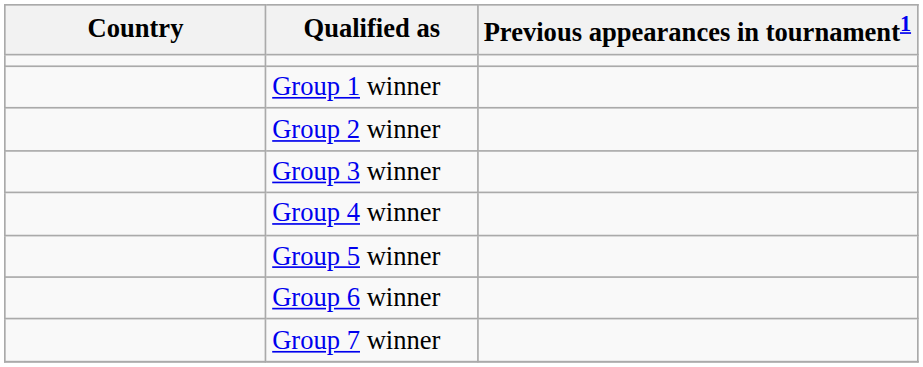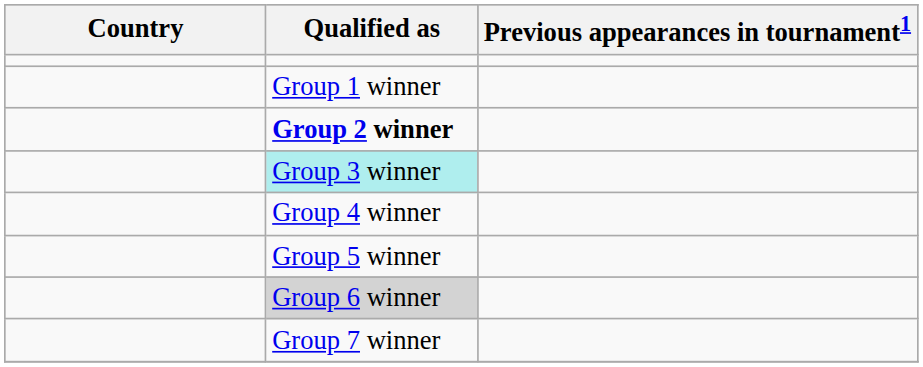 <table class="wikitable sortable">
 <tr>
 <th width=150px>Country</th>
 <th width=120px>Qualified as</th>
 <th>Previous appearances in tournament<sup><a href='#'>1</a></sup></th>
 </tr>
 <tr>
 <td></td>
 <td></td>
 <td></td>
 </tr>
 <tr>
 <td></td>
 <td><a href='#'>Group 1</a> winner</td>
 <td></td>
 </tr>
 <tr>
 <td></td>
-<td><a href='#'>Group 2</a> winner</td>
+<td><strong><a href='#'>Group 2</a> winner</strong></td>
 <td></td>
 </tr>
 <tr>
 <td></td>
-<td><a href='#'>Group 3</a> winner</td>
+<td style="background: paleturquoise;"><a href='#'>Group 3</a> winner</td>
 <td></td>
 </tr>
 <tr>
 <td></td>
 <td><a href='#'>Group 4</a> winner</td>
 <td></td>
 </tr>
 <tr>
 <td></td>
 <td><a href='#'>Group 5</a> winner</td>
 <td></td>
 </tr>
 <tr>
 <td></td>
-<td><a href='#'>Group 6</a> winner</td>
+<td style="background: lightgrey;"><a href='#'>Group 6</a> winner</td>
 <td></td>
 </tr>
 <tr>
 <td></td>
 <td><a href='#'>Group 7</a> winner</td>
 <td></td>
 </tr>
 <tr>
 </tr>
 </table>
